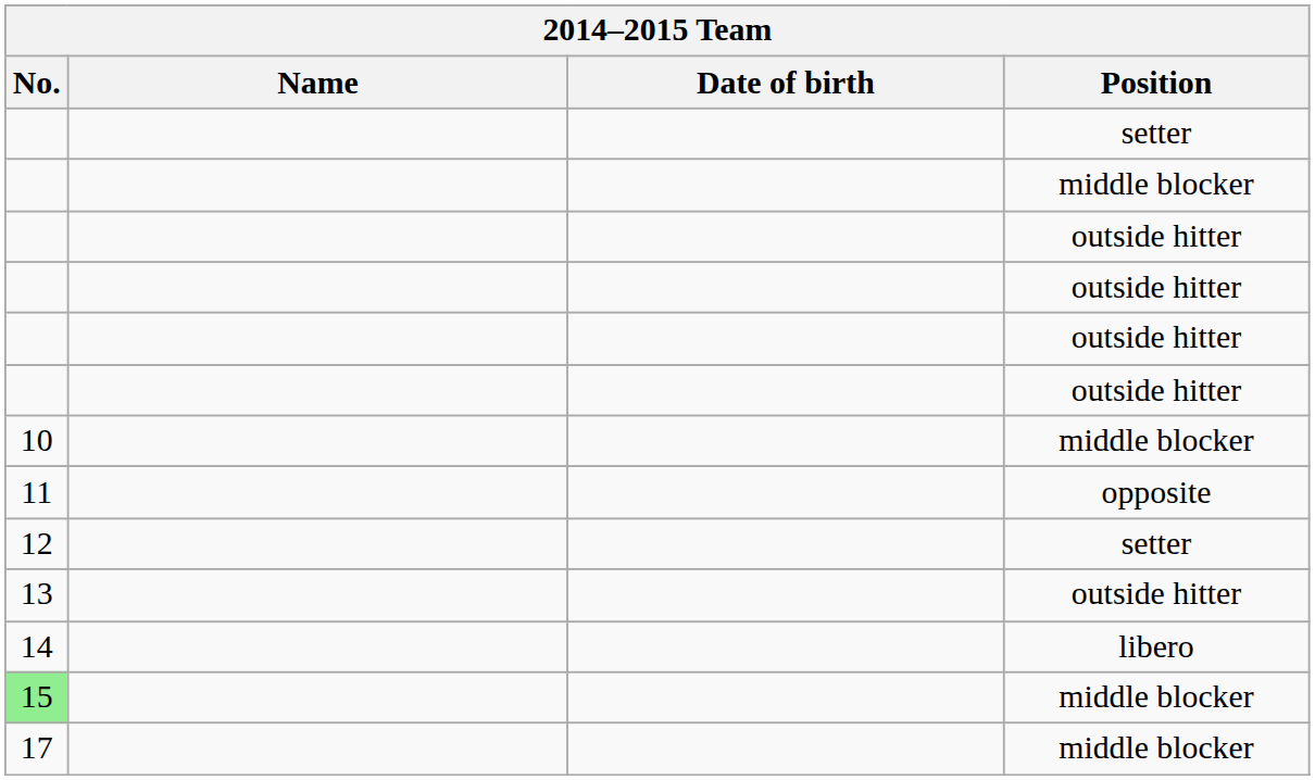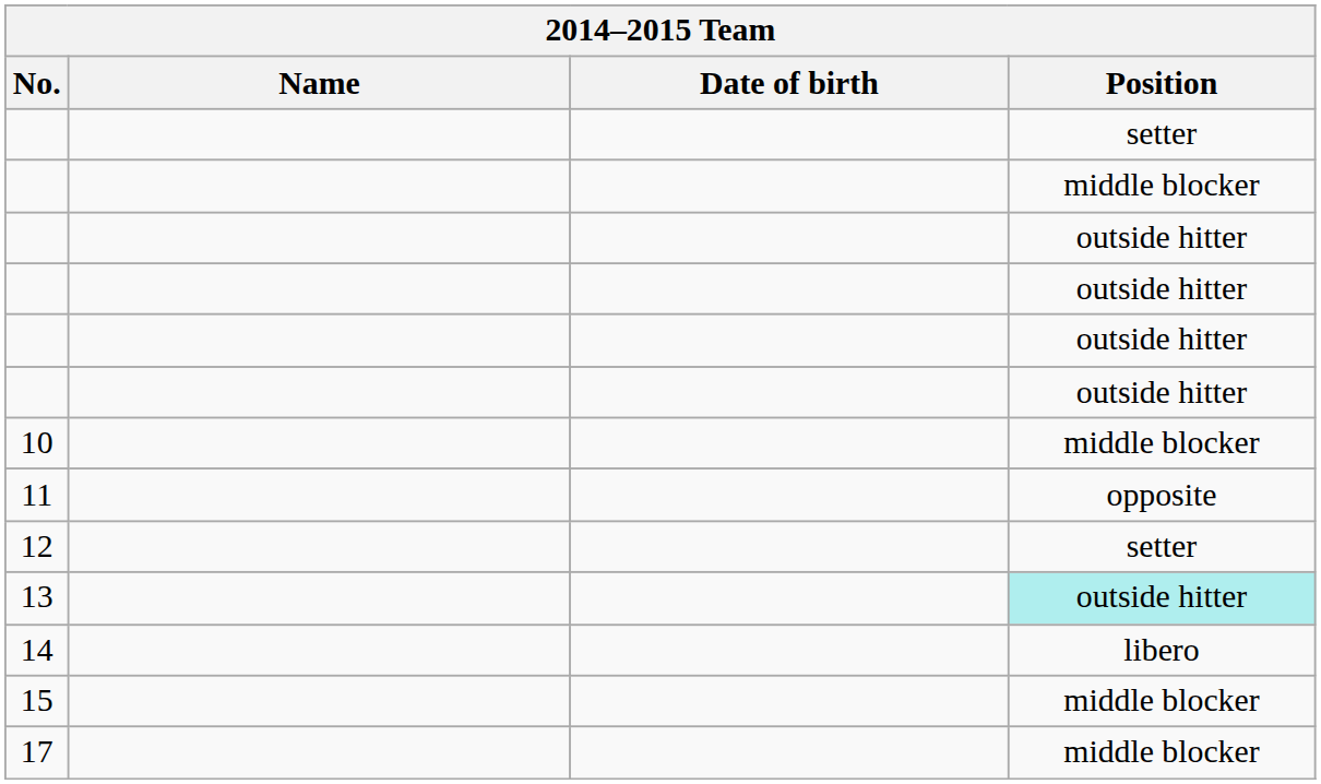 <table class="wikitable collapsible collapsed" style="font-size:100%; text-align:center;">
 <tr>
 <th colspan=6><strong>2014–2015 Team</strong></th>
 </tr>
 <tr>
 <th>No.</th>
 <th style="width:15em">Name</th>
 <th style="width:13em">Date of birth</th>
 <th style="width:9em">Position</th>
 </tr>
 <tr>
 <td></td>
 <td align=left> </td>
 <td align=right></td>
 <td>setter</td>
 </tr>
 <tr>
 <td></td>
 <td align=left> </td>
 <td align=right></td>
 <td>middle blocker</td>
 </tr>
 <tr>
 <td></td>
 <td align=left> </td>
 <td align=right></td>
 <td>outside hitter</td>
 </tr>
 <tr>
 <td></td>
 <td align=left> </td>
 <td align=right></td>
 <td>outside hitter</td>
 </tr>
 <tr>
 <td></td>
 <td align=left> </td>
 <td align=right></td>
 <td>outside hitter</td>
 </tr>
 <tr>
 <td></td>
 <td align=left> </td>
 <td align=right></td>
 <td>outside hitter</td>
 </tr>
 <tr>
 <td>10</td>
 <td align=left> </td>
 <td align=right></td>
 <td>middle blocker</td>
 </tr>
 <tr>
 <td>11</td>
 <td align=left> </td>
 <td align=right></td>
 <td>opposite</td>
 </tr>
 <tr>
 <td>12</td>
 <td align=left> </td>
 <td align=right></td>
 <td>setter</td>
 </tr>
 <tr>
 <td>13</td>
 <td align=left> </td>
 <td align=right></td>
-<td>outside hitter</td>
+<td style="background: paleturquoise;">outside hitter</td>
 </tr>
 <tr>
 <td>14</td>
 <td align=left> </td>
 <td align=right></td>
 <td>libero</td>
 </tr>
 <tr>
-<td style="background: lightgreen;">15</td>
+<td>15</td>
 <td align=left> </td>
 <td align=right></td>
 <td>middle blocker</td>
 </tr>
 <tr>
 <td>17</td>
 <td align=left> </td>
 <td align=right></td>
 <td>middle blocker</td>
 </tr>
 <tr>
 </tr>
 </table>
